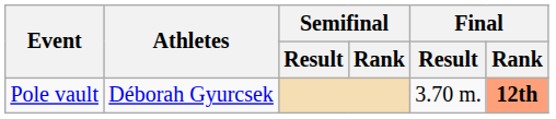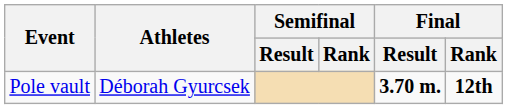 <table class="wikitable" border="1" style="font-size:90%">
 <tr>
 <th rowspan=2>Event</th>
 <th rowspan=2>Athletes</th>
 <th colspan=2>Semifinal</th>
 <th colspan=2>Final</th>
 </tr>
 <tr>
 <th>Result</th>
 <th>Rank</th>
 <th>Result</th>
 <th>Rank</th>
 </tr>
 <tr>
 <td><a href='#'>Pole vault</a></td>
 <td><a href='#'>Déborah Gyurcsek</a></td>
 <td align=center colspan=2 bgcolor=wheat></td>
-<td align=center>3.70 m.</td>
-<td align=center style="background: lightsalmon;"><strong>12th</strong></td>
+<td align=center><strong>3.70 m.</strong></td>
+<td align=center><strong>12th</strong></td>
 </tr>
 </table>
